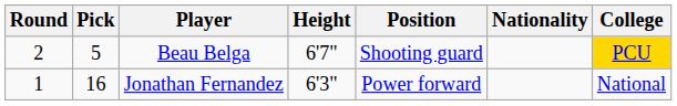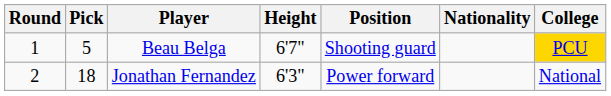 <table class="wikitable sortable sortable">
 <tr>
 <th>Round</th>
 <th>Pick</th>
 <th>Player</th>
 <th>Height</th>
 <th>Position</th>
 <th>Nationality</th>
 <th>College</th>
 </tr>
 <tr style="text-align: center">
-<td>2</td>
+<td>1</td>
 <td>5</td>
 <td><a href='#'>Beau Belga</a></td>
 <td>6'7"</td>
 <td><a href='#'>Shooting guard</a></td>
 <td></td>
 <td style="background: gold;"><a href='#'>PCU</a></td>
 </tr>
 <tr style="text-align: center">
-<td>1</td>
-<td>16</td>
+<td>2</td>
+<td>18</td>
 <td><a href='#'>Jonathan Fernandez</a></td>
 <td>6'3"</td>
 <td><a href='#'>Power forward</a></td>
 <td></td>
 <td><a href='#'>National</a></td>
 </tr>
 </table>
